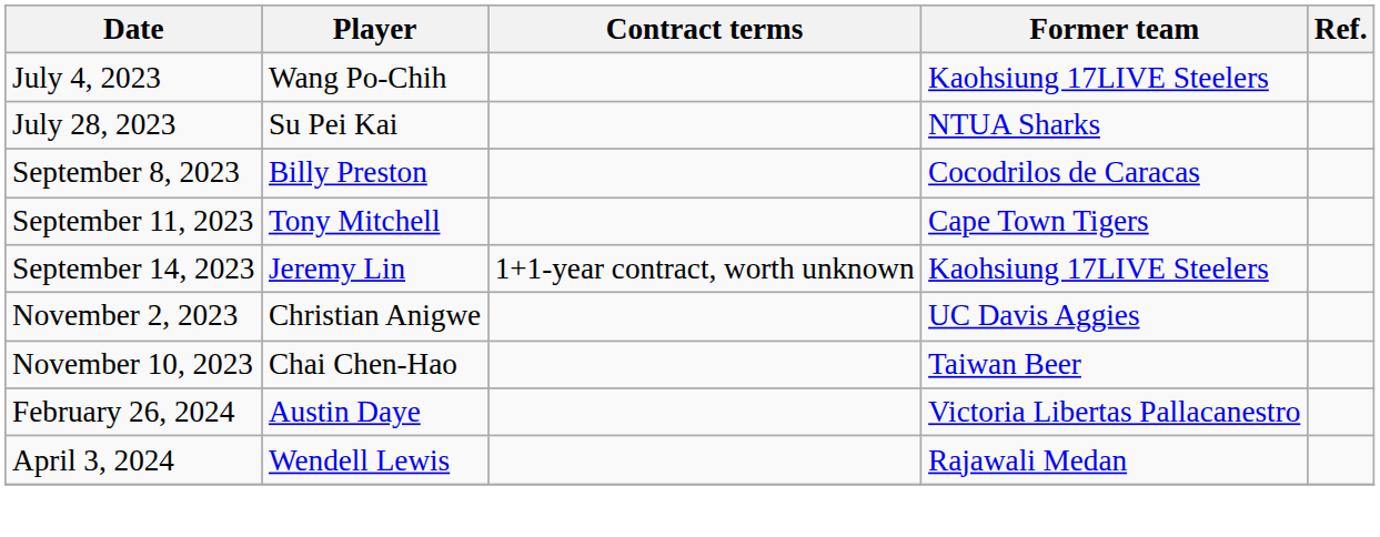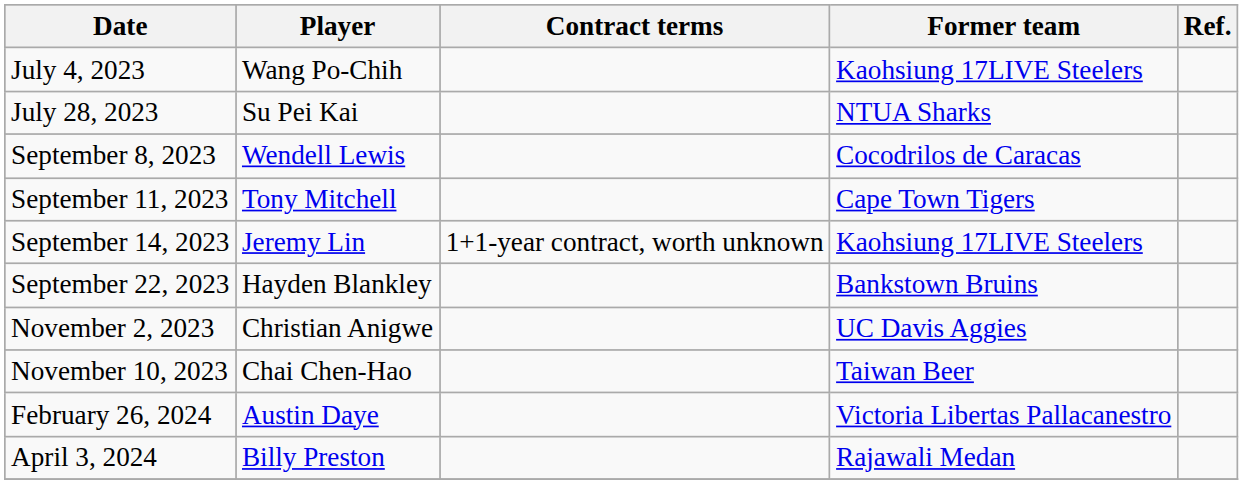 <table class="wikitable">
 <tr>
 <th>Date</th>
 <th>Player</th>
 <th>Contract terms</th>
 <th>Former team</th>
 <th>Ref.</th>
 </tr>
 <tr>
 <td>July 4, 2023</td>
 <td>Wang Po-Chih</td>
 <td></td>
 <td><a href='#'>Kaohsiung 17LIVE Steelers</a></td>
 <td></td>
 </tr>
 <tr>
 <td>July 28, 2023</td>
 <td>Su Pei Kai</td>
 <td></td>
 <td><a href='#'>NTUA Sharks</a></td>
 <td></td>
 </tr>
 <tr>
 <td>September 8, 2023</td>
-<td><a href='#'>Billy Preston</a></td>
+<td><a href='#'>Wendell Lewis</a></td>
 <td></td>
 <td><a href='#'>Cocodrilos de Caracas</a></td>
 <td></td>
 </tr>
 <tr>
 <td>September 11, 2023</td>
 <td><a href='#'>Tony Mitchell</a></td>
 <td></td>
 <td><a href='#'>Cape Town Tigers</a></td>
 <td></td>
 </tr>
 <tr>
 <td>September 14, 2023</td>
 <td><a href='#'>Jeremy Lin</a></td>
 <td>1+1-year contract, worth unknown</td>
 <td><a href='#'>Kaohsiung 17LIVE Steelers</a></td>
+<td></td>
+</tr>
+<tr>
+<td>September 22, 2023</td>
+<td>Hayden Blankley</td>
+<td></td>
+<td><a href='#'>Bankstown Bruins</a></td>
 <td></td>
 </tr>
 <tr>
 <td>November 2, 2023</td>
 <td>Christian Anigwe</td>
 <td></td>
 <td><a href='#'>UC Davis Aggies</a></td>
 <td></td>
 </tr>
 <tr>
 <td>November 10, 2023</td>
 <td>Chai Chen-Hao</td>
 <td></td>
 <td><a href='#'>Taiwan Beer</a></td>
 <td></td>
 </tr>
 <tr>
 <td>February 26, 2024</td>
 <td><a href='#'>Austin Daye</a></td>
 <td></td>
 <td><a href='#'>Victoria Libertas Pallacanestro</a></td>
 <td></td>
 </tr>
 <tr>
 <td>April 3, 2024</td>
-<td><a href='#'>Wendell Lewis</a></td>
+<td><a href='#'>Billy Preston</a></td>
 <td></td>
 <td><a href='#'>Rajawali Medan</a></td>
 <td></td>
 </tr>
 <tr>
 </tr>
 </table>
